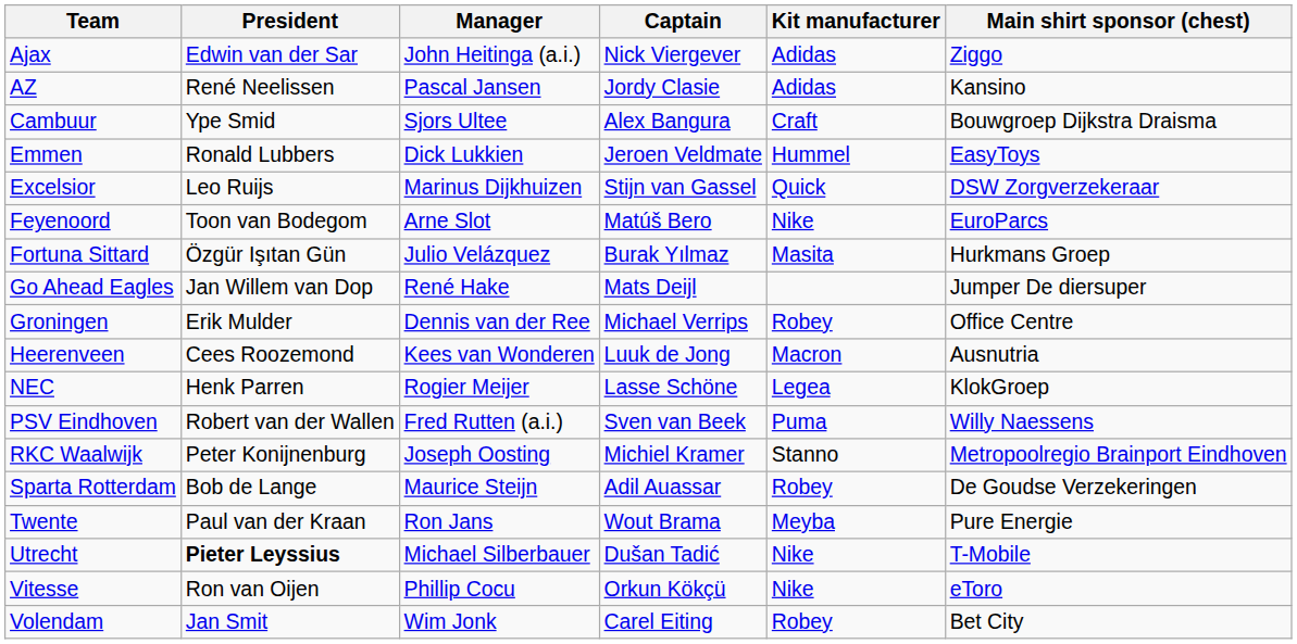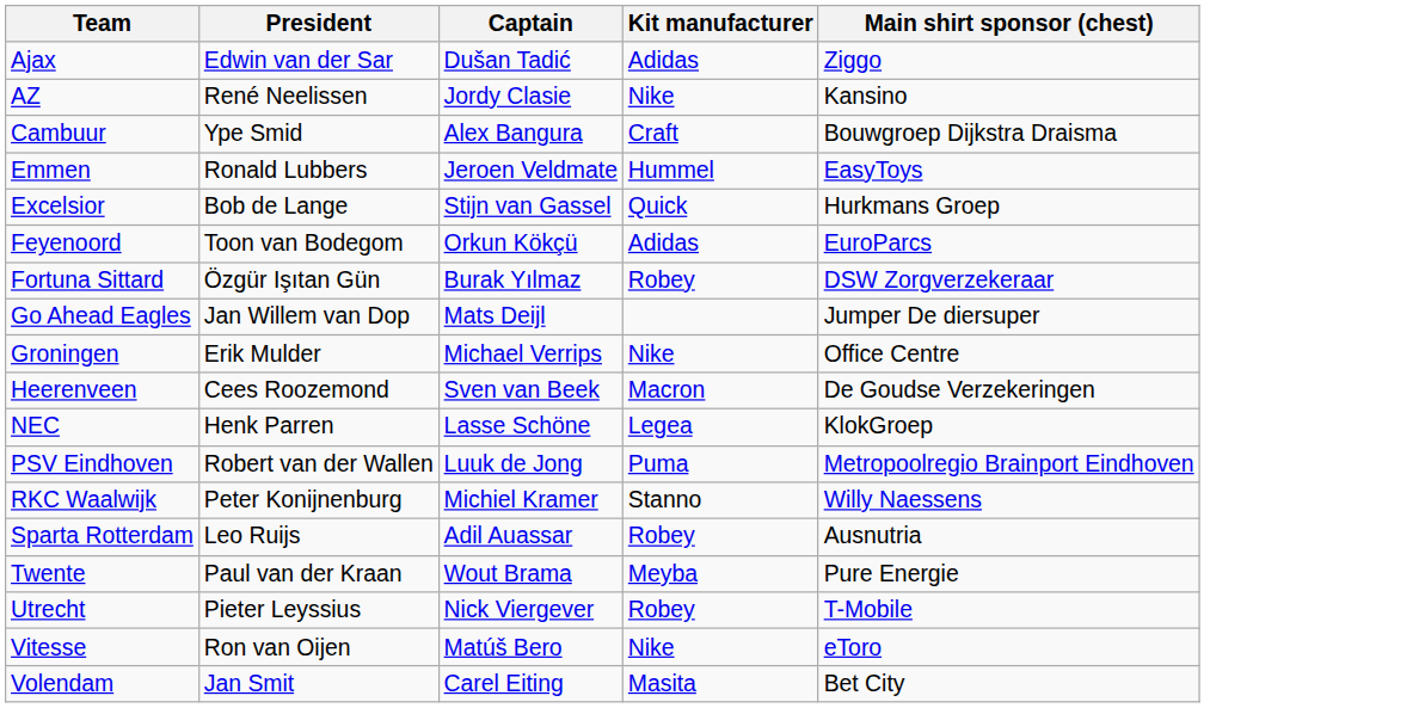 <table class="wikitable sortable" style="text-align: left;">
 <tr>
 <th>Team</th>
 <th>President</th>
-<th>Manager</th>
 <th>Captain</th>
 <th>Kit manufacturer</th>
 <th>Main shirt sponsor (chest)</th>
 </tr>
 <tr>
 <td><a href='#'>Ajax</a></td>
 <td data-sort-value="Sar, Edwin"> <a href='#'>Edwin van der Sar</a></td>
-<td data-sort-value="Heitinga, John"> <a href='#'>John Heitinga</a> (a.i.)</td>
-<td data-sort-value="Viergever, Nick"> <a href='#'>Nick Viergever</a></td>
+<td data-sort-value="Tadić, Dušan"> <a href='#'>Dušan Tadić</a></td>
 <td><a href='#'>Adidas</a></td>
 <td><a href='#'>Ziggo</a></td>
 </tr>
 <tr>
 <td><a href='#'>AZ</a></td>
 <td data-sort-value="Neelissen, René"> 	René Neelissen</td>
-<td data-sort-value="Jansen, Pascal"> <a href='#'>Pascal Jansen</a></td>
 <td data-sort-value="Clasie, Jordy"> <a href='#'>Jordy Clasie</a></td>
-<td><a href='#'>Adidas</a></td>
+<td><a href='#'>Nike</a></td>
 <td>Kansino </td>
 </tr>
 <tr>
 <td><a href='#'>Cambuur</a></td>
 <td data-sort-value="Smid, Ype"> Ype Smid</td>
-<td data-sort-value="Ultee, Sjors"> <a href='#'>Sjors Ultee</a></td>
 <td data-sort-value="Bangura, Alex"> <a href='#'>Alex Bangura</a></td>
 <td><a href='#'>Craft</a></td>
 <td>Bouwgroep Dijkstra Draisma</td>
 </tr>
 <tr>
 <td><a href='#'>Emmen</a></td>
 <td data-sort-value="Lubbers, Ronald"> Ronald Lubbers</td>
-<td data-sort-value="Lukkien, Dick"> <a href='#'>Dick Lukkien</a></td>
 <td data-sort-value="Veldmate, Jeroen"> <a href='#'>Jeroen Veldmate</a></td>
 <td><a href='#'>Hummel</a></td>
 <td><a href='#'>EasyToys</a></td>
 </tr>
 <tr>
 <td><a href='#'>Excelsior</a></td>
-<td data-sort-value="Ruijs, Leo"> Leo Ruijs</td>
-<td data-sort-value="Dijkhuizen, Marinus"> <a href='#'>Marinus Dijkhuizen</a></td>
+<td data-sort-value="Lange, Bob"> Bob de Lange</td>
 <td data-sort-value="Gassel, Stijn"> <a href='#'>Stijn van Gassel</a></td>
 <td><a href='#'>Quick</a></td>
-<td><a href='#'>DSW Zorgverzekeraar</a></td>
+<td>Hurkmans Groep</td>
 </tr>
 <tr>
 <td><a href='#'>Feyenoord</a></td>
 <td data-sort-value="Bodegom, Toon"> Toon van Bodegom</td>
-<td data-sort-value="Arne, Slot"> <a href='#'>Arne Slot</a></td>
-<td data-sort-value="Bero, Matúš”"> <a href='#'>Matúš Bero</a></td>
-<td><a href='#'>Nike</a></td>
+<td data-sort-value="Kökçü, Orkun "> <a href='#'>Orkun Kökçü</a></td>
+<td><a href='#'>Adidas</a></td>
 <td><a href='#'>EuroParcs</a></td>
 </tr>
 <tr>
 <td><a href='#'>Fortuna Sittard</a></td>
 <td data-sort-value="Gün, Özgür"> Özgür Işıtan Gün</td>
-<td data-sort-value="Velázquez, Julio"> <a href='#'>Julio Velázquez</a></td>
 <td data-sort-value="Yılmaz, Burak"> <a href='#'>Burak Yılmaz</a></td>
-<td><a href='#'>Masita</a></td>
-<td>Hurkmans Groep</td>
+<td><a href='#'>Robey</a></td>
+<td><a href='#'>DSW Zorgverzekeraar</a></td>
 </tr>
 <tr>
 <td><a href='#'>Go Ahead Eagles</a></td>
 <td data-sort-value="Dop, Jan"> Jan Willem van Dop</td>
-<td data-sort-value="Hake, René"> <a href='#'>René Hake</a></td>
 <td data-sort-value="Deijl, Mats"> <a href='#'>Mats Deijl</a></td>
 <td></td>
 <td>Jumper De diersuper</td>
 </tr>
 <tr>
 <td><a href='#'>Groningen</a></td>
 <td data-sort-value="Mulder, Erik"> Erik Mulder</td>
-<td data-sort-value="Ree, Dennis"> <a href='#'>Dennis van der Ree</a></td>
 <td data-sort-value="Verrips, Michael"> <a href='#'>Michael Verrips</a></td>
-<td><a href='#'>Robey</a></td>
+<td><a href='#'>Nike</a></td>
 <td>Office Centre</td>
 </tr>
 <tr>
 <td><a href='#'>Heerenveen</a></td>
 <td data-sort-value="Roozemond, Cees"> Cees Roozemond</td>
-<td data-sort-value="Wonderen, Kees"> <a href='#'>Kees van Wonderen</a></td>
-<td data-sort-value="Jong, Luuk"> <a href='#'>Luuk de Jong</a></td>
+<td data-sort-value="Beek, Sven"> <a href='#'>Sven van Beek</a></td>
 <td><a href='#'>Macron</a></td>
-<td>Ausnutria</td>
+<td>De Goudse Verzekeringen</td>
 </tr>
 <tr>
 <td><a href='#'>NEC</a></td>
 <td data-sort-value="Parren, Henk"> Henk Parren</td>
-<td data-sort-value="Meijer, Rogier"> <a href='#'>Rogier Meijer</a></td>
 <td data-sort-value="Schöne, Lasse"> <a href='#'>Lasse Schöne</a></td>
 <td><a href='#'>Legea</a></td>
 <td>KlokGroep</td>
 </tr>
 <tr>
 <td><a href='#'>PSV Eindhoven</a></td>
 <td data-sort-value="Wallen, Robert"> Robert van der Wallen</td>
-<td data-sort-value="Rutten, Fred"> <a href='#'>Fred Rutten</a> (a.i.)</td>
-<td data-sort-value="Beek, Sven"> <a href='#'>Sven van Beek</a></td>
+<td data-sort-value="Jong, Luuk"> <a href='#'>Luuk de Jong</a></td>
 <td><a href='#'>Puma</a></td>
-<td><a href='#'>Willy Naessens</a></td>
+<td><a href='#'>Metropoolregio Brainport Eindhoven</a></td>
 </tr>
 <tr>
 <td><a href='#'>RKC Waalwijk</a></td>
 <td data-sort-value="Konijnenburg, Peter"> Peter Konijnenburg</td>
-<td data-sort-value="Oosting, Joseph"> <a href='#'>Joseph Oosting</a></td>
 <td data-sort-value="Kramer, Michiel"> <a href='#'>Michiel Kramer</a></td>
 <td>Stanno</td>
-<td><a href='#'>Metropoolregio Brainport Eindhoven</a></td>
+<td><a href='#'>Willy Naessens</a></td>
 </tr>
 <tr>
 <td><a href='#'>Sparta Rotterdam</a></td>
-<td data-sort-value="Lange, Bob"> Bob de Lange</td>
-<td data-sort-value="Steijn, Maurice"> <a href='#'>Maurice Steijn</a></td>
+<td data-sort-value="Ruijs, Leo"> Leo Ruijs</td>
 <td data-sort-value="Auassar, Adil"> <a href='#'>Adil Auassar</a></td>
 <td><a href='#'>Robey</a></td>
-<td>De Goudse Verzekeringen</td>
+<td>Ausnutria</td>
 </tr>
 <tr>
 <td><a href='#'>Twente</a></td>
 <td data-sort-value="Kraan, Paul"> Paul van der Kraan</td>
-<td data-sort-value="Jans, Ron"> <a href='#'>Ron Jans</a></td>
 <td data-sort-value="Brama, Wout"> <a href='#'>Wout Brama</a></td>
 <td><a href='#'>Meyba</a></td>
 <td>Pure Energie</td>
 </tr>
 <tr>
 <td><a href='#'>Utrecht</a></td>
-<td data-sort-value="Leyssius, Pieter"><strong> Pieter Leyssius</strong></td>
-<td data-sort-value="Silberbauer, Michael"> <a href='#'>Michael Silberbauer</a></td>
-<td data-sort-value="Tadić, Dušan"> <a href='#'>Dušan Tadić</a></td>
-<td><a href='#'>Nike</a></td>
+<td data-sort-value="Leyssius, Pieter"> Pieter Leyssius</td>
+<td data-sort-value="Viergever, Nick"> <a href='#'>Nick Viergever</a></td>
+<td><a href='#'>Robey</a></td>
 <td><a href='#'>T-Mobile</a></td>
 </tr>
 <tr>
 <td><a href='#'>Vitesse</a></td>
 <td data-sort-value="Oijen, Ron"> Ron van Oijen</td>
-<td data-sort-value="Cocu, Philip"> <a href='#'>Phillip Cocu</a></td>
-<td data-sort-value="Kökçü, Orkun "> <a href='#'>Orkun Kökçü</a></td>
+<td data-sort-value="Bero, Matúš”"> <a href='#'>Matúš Bero</a></td>
 <td><a href='#'>Nike</a></td>
 <td><a href='#'>eToro</a></td>
 </tr>
 <tr>
 <td><a href='#'>Volendam</a></td>
 <td data-sort-value="Smit, Jan"> <a href='#'>Jan Smit</a></td>
-<td data-sort-value="Jonk, Wim"> <a href='#'>Wim Jonk</a></td>
 <td data-sort-value="Eiting, Carel"> <a href='#'>Carel Eiting</a></td>
-<td><a href='#'>Robey</a></td>
+<td><a href='#'>Masita</a></td>
 <td>Bet City</td>
 </tr>
 </table>
